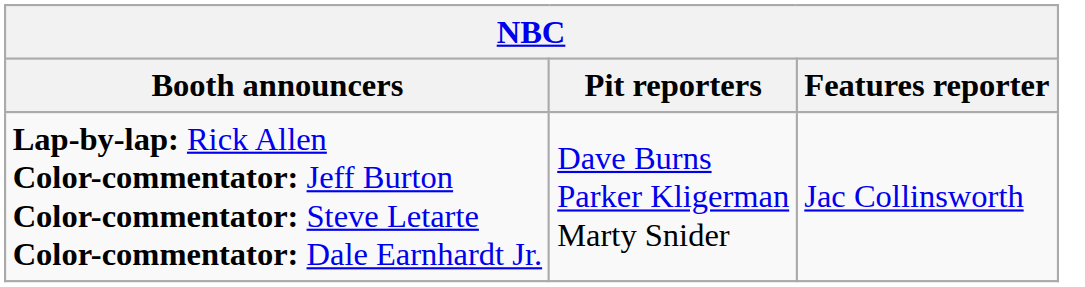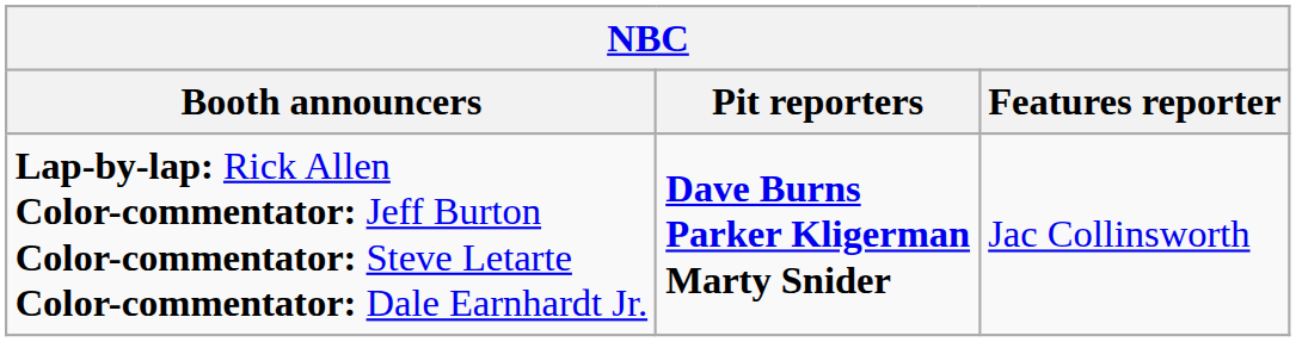 <table class="wikitable" style="font-size: 95%">
 <tr>
 <th colspan="3"><a href='#'>NBC</a></th>
 </tr>
 <tr>
 <th>Booth announcers</th>
 <th>Pit reporters</th>
 <th>Features reporter</th>
 </tr>
 <tr>
 <td><strong>Lap-by-lap:</strong> <a href='#'>Rick Allen</a><br><strong>Color-commentator:</strong> <a href='#'>Jeff Burton</a><br><strong>Color-commentator:</strong> <a href='#'>Steve Letarte</a><br><strong>Color-commentator:</strong> <a href='#'>Dale Earnhardt Jr.</a></td>
-<td><a href='#'>Dave Burns</a><br><a href='#'>Parker Kligerman</a><br>Marty Snider</td>
+<td><strong><a href='#'>Dave Burns</a><br><a href='#'>Parker Kligerman</a><br>Marty Snider</strong></td>
 <td><a href='#'>Jac Collinsworth</a></td>
 </tr>
 </table>
